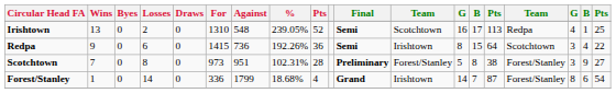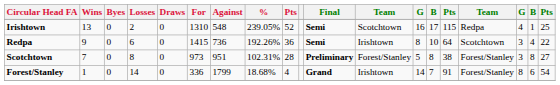 <table style="font-size: 85%; text-align: left;" class="wikitable">
 <tr>
 <th style="color:crimson">Circular Head FA</th>
 <th style="color:crimson">Wins</th>
 <th style="color:crimson">Byes</th>
 <th style="color:crimson">Losses</th>
 <th style="color:crimson">Draws</th>
 <th style="color:crimson">For</th>
 <th style="color:crimson">Against</th>
 <th style="color:crimson">%</th>
 <th style="color:crimson">Pts</th>
 <th></th>
 <th style="color:green">Final</th>
 <th style="color:green">Team</th>
 <th style="color:green">G</th>
 <th style="color:green">B</th>
 <th style="color:green">Pts</th>
 <th style="color:green">Team</th>
 <th style="color:green">G</th>
 <th style="color:green">B</th>
 <th style="color:green">Pts</th>
 </tr>
 <tr>
 </tr>
 <tr>
 </tr>
 <tr>
 <td><strong>	Irishtown	</strong></td>
 <td>13</td>
 <td>0</td>
 <td>2</td>
 <td>0</td>
 <td>1310</td>
 <td>548</td>
 <td>239.05%</td>
 <td>52</td>
 <td></td>
 <td><strong>Semi</strong></td>
 <td>Scotchtown</td>
 <td>16</td>
 <td>17</td>
-<td>113</td>
+<td>115</td>
 <td>Redpa</td>
 <td>4</td>
 <td>1</td>
 <td>25</td>
 </tr>
 <tr>
 <td><strong>	Redpa	</strong></td>
 <td>9</td>
 <td>0</td>
 <td>6</td>
 <td>0</td>
 <td>1415</td>
 <td>736</td>
 <td>192.26%</td>
 <td>36</td>
 <td></td>
 <td><strong>Semi</strong></td>
 <td>Irishtown</td>
 <td>8</td>
-<td>15</td>
+<td>10</td>
 <td>64</td>
 <td>Scotchtown</td>
 <td>3</td>
 <td>4</td>
 <td>22</td>
 </tr>
 <tr>
 <td><strong>	Scotchtown	</strong></td>
 <td>7</td>
 <td>0</td>
 <td>8</td>
 <td>0</td>
 <td>973</td>
 <td>951</td>
 <td>102.31%</td>
 <td>28</td>
 <td></td>
 <td><strong>Preliminary</strong></td>
 <td>Forest/Stanley</td>
 <td>5</td>
 <td>8</td>
 <td>38</td>
 <td>Forest/Stanley</td>
 <td>3</td>
-<td>9</td>
+<td>8</td>
 <td>27</td>
 </tr>
 <tr>
 <td><strong>	Forest/Stanley	</strong></td>
 <td>1</td>
 <td>0</td>
 <td>14</td>
 <td>0</td>
 <td>336</td>
 <td>1799</td>
 <td>18.68%</td>
 <td>4</td>
 <td></td>
 <td><strong>Grand</strong></td>
 <td>Irishtown</td>
 <td>14</td>
 <td>7</td>
-<td>87</td>
+<td>91</td>
 <td>Forest/Stanley</td>
 <td>8</td>
 <td>6</td>
 <td>54</td>
 </tr>
 <tr>
 </tr>
 </table>
